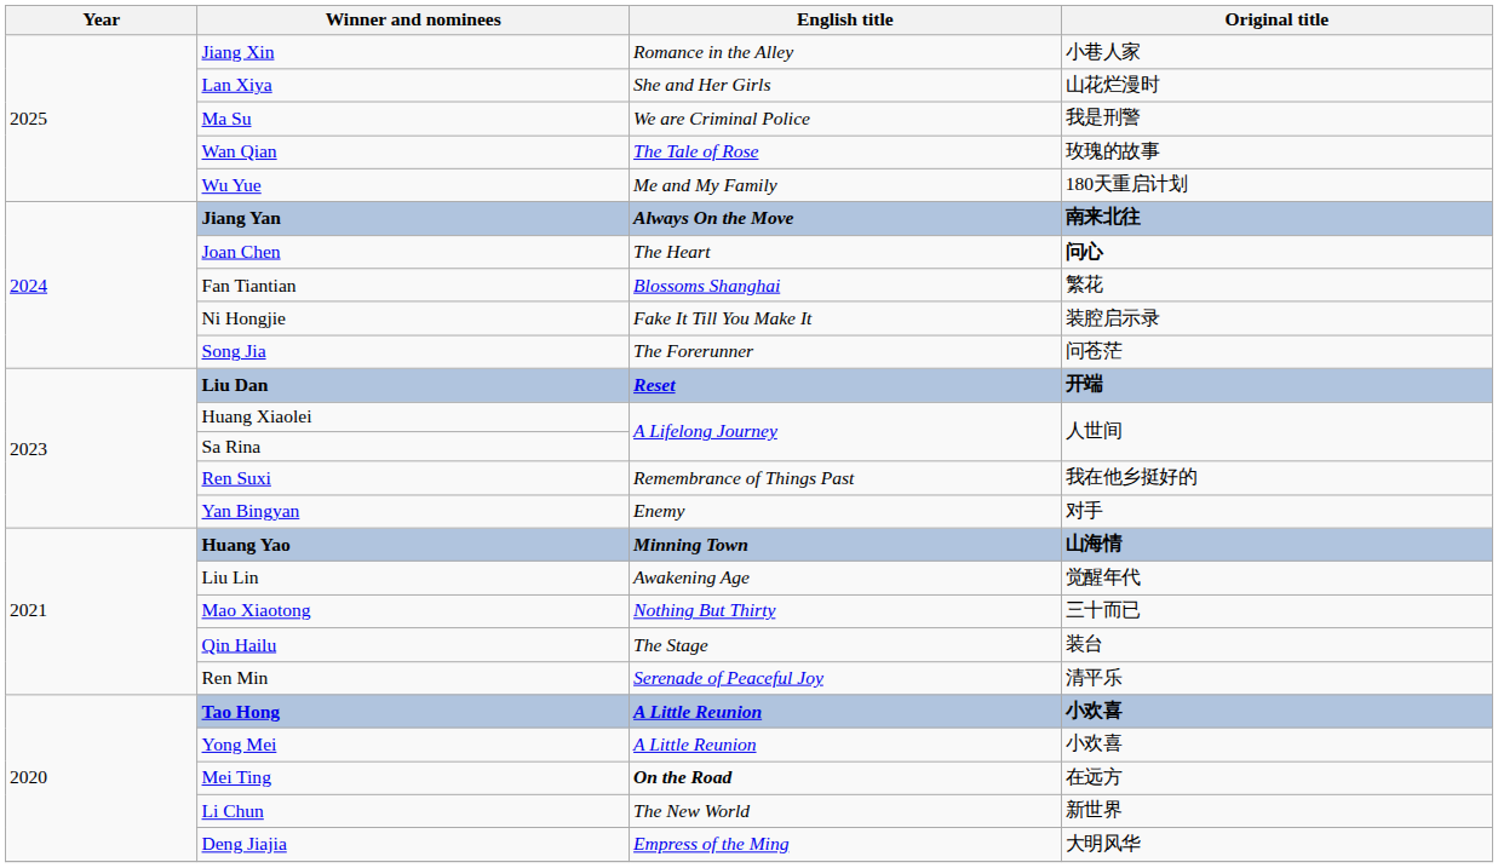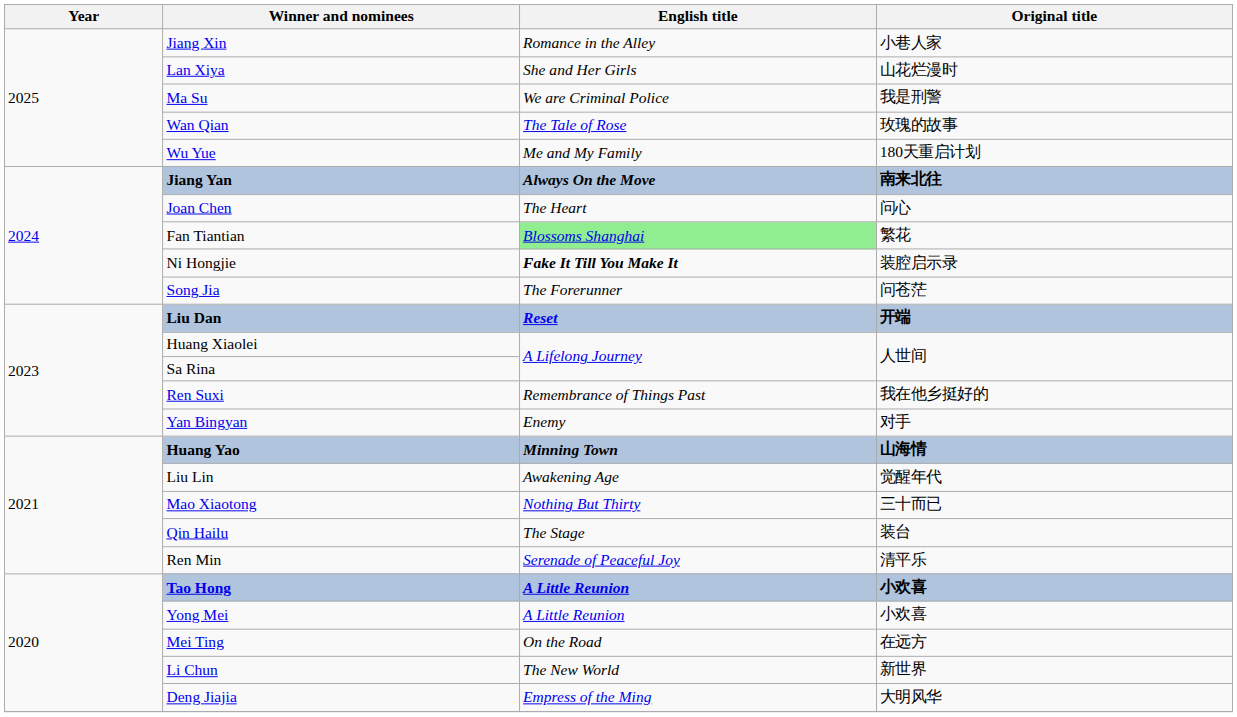 <table class="wikitable" width="80%">
 <tr>
 <th width="8%"><strong>Year</strong></th>
 <th width="18%"><strong>Winner and nominees</strong></th>
 <th width="18%"><strong>English title</strong></th>
 <th width="18%"><strong>Original title</strong></th>
 </tr>
 <tr>
 <td rowspan=5>2025</td>
 <td><a href='#'>Jiang Xin</a></td>
 <td><em>Romance in the Alley</em></td>
 <td>小巷人家</td>
 </tr>
 <tr>
 <td><a href='#'>Lan Xiya</a></td>
 <td><em>She and Her Girls</em></td>
 <td>山花烂漫时</td>
 </tr>
 <tr>
 <td><a href='#'>Ma Su</a></td>
 <td><em>We are Criminal Police</em></td>
 <td>我是刑警</td>
 </tr>
 <tr>
 <td><a href='#'>Wan Qian</a></td>
 <td><em><a href='#'>The Tale of Rose</a></em></td>
 <td>玫瑰的故事</td>
 </tr>
 <tr>
 <td><a href='#'>Wu Yue</a></td>
 <td><em>Me and My Family</em></td>
 <td>180天重启计划</td>
 </tr>
 <tr>
 <td rowspan=5><a href='#'>2024</a></td>
 <td style="background:#B0C4DE;"><strong>Jiang Yan</strong></td>
 <td style="background:#B0C4DE;"><strong><em>Always On the Move</em></strong></td>
 <td style="background:#B0C4DE;"><strong>南来北往</strong></td>
 </tr>
 <tr>
 <td><a href='#'>Joan Chen</a></td>
 <td><em>The Heart</em></td>
-<td><strong>问心</strong></td>
+<td>问心</td>
 </tr>
 <tr>
 <td>Fan Tiantian</td>
-<td><em><a href='#'>Blossoms Shanghai</a></em></td>
+<td style="background: lightgreen;"><em><a href='#'>Blossoms Shanghai</a></em></td>
 <td>繁花</td>
 </tr>
 <tr>
 <td>Ni Hongjie</td>
-<td><em>Fake It Till You Make It</em></td>
+<td><strong><em>Fake It Till You Make It</em></strong></td>
 <td>装腔启示录</td>
 </tr>
 <tr>
 <td><a href='#'>Song Jia</a></td>
 <td><em>The Forerunner</em></td>
 <td>问苍茫</td>
 </tr>
 <tr>
 <td rowspan=5>2023</td>
 <td style="background:#B0C4DE;"><strong>Liu Dan</strong></td>
 <td style="background:#B0C4DE;"><strong><em><a href='#'>Reset</a></em></strong></td>
 <td style="background:#B0C4DE;"><strong>开端</strong></td>
 </tr>
 <tr>
 <td>Huang Xiaolei</td>
 <td rowspan=2><em><a href='#'>A Lifelong Journey</a></em></td>
 <td rowspan=2>人世间</td>
 </tr>
 <tr>
 <td>Sa Rina</td>
 </tr>
 <tr>
 <td><a href='#'>Ren Suxi</a></td>
 <td><em>Remembrance of Things Past</em></td>
 <td>我在他乡挺好的</td>
 </tr>
 <tr>
 <td><a href='#'>Yan Bingyan</a></td>
 <td><em>Enemy</em></td>
 <td>对手</td>
 </tr>
 <tr>
 <td rowspan=5>2021</td>
 <td style="background:#B0C4DE;"><strong>Huang Yao </strong></td>
 <td style="background:#B0C4DE;"><strong><em>Minning Town</em></strong></td>
 <td style="background:#B0C4DE;"><strong>  山海情</strong></td>
 </tr>
 <tr>
 <td>Liu Lin</td>
 <td><em>Awakening Age</em></td>
 <td>觉醒年代</td>
 </tr>
 <tr>
 <td><a href='#'>Mao Xiaotong</a></td>
 <td><em><a href='#'>Nothing But Thirty</a></em></td>
 <td>三十而已</td>
 </tr>
 <tr>
 <td><a href='#'>Qin Hailu</a></td>
 <td><em>The Stage</em></td>
 <td>装台</td>
 </tr>
 <tr>
 <td>Ren Min</td>
 <td><em><a href='#'>Serenade of Peaceful Joy</a> </em></td>
 <td>清平乐</td>
 </tr>
 <tr>
 <td rowspan=5>2020</td>
 <td style="background:#B0C4DE;"><strong><a href='#'>Tao Hong</a></strong></td>
 <td style="background:#B0C4DE;"><strong><em><a href='#'>A Little Reunion</a></em></strong></td>
 <td style="background:#B0C4DE;"><strong>小欢喜</strong></td>
 </tr>
 <tr>
 <td><a href='#'>Yong Mei</a></td>
 <td><em><a href='#'>A Little Reunion</a></em></td>
 <td>小欢喜</td>
 </tr>
 <tr>
 <td><a href='#'>Mei Ting</a></td>
-<td><strong><em>On the Road</em></strong></td>
+<td><em>On the Road</em></td>
 <td>在远方</td>
 </tr>
 <tr>
 <td><a href='#'>Li Chun</a></td>
 <td><em>The New World</em></td>
 <td>新世界</td>
 </tr>
 <tr>
 <td><a href='#'>Deng Jiajia</a></td>
 <td><em><a href='#'>Empress of the Ming</a></em></td>
 <td>大明风华</td>
 </tr>
 <tr>
 </tr>
 </table>
